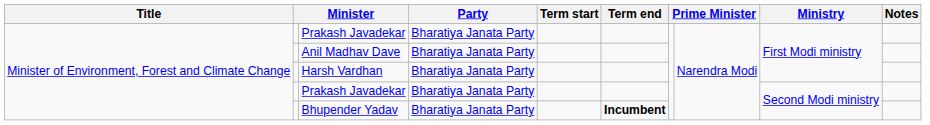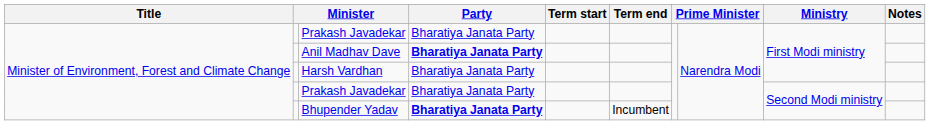 <table class="wikitable sortable">
 <tr>
 <th>Title</th>
 <th colspan=2><a href='#'>Minister</a></th>
 <th><a href='#'>Party</a></th>
 <th>Term start</th>
 <th>Term end</th>
 <th colspan=2><a href='#'>Prime Minister</a></th>
 <th><a href='#'>Ministry</a></th>
 <th class="unsortable">Notes</th>
 </tr>
 <tr>
 <td rowspan=5><a href='#'>Minister of Environment, Forest and Climate Change</a></td>
 <td style="color:inherit;background:"></td>
 <td><a href='#'>Prakash Javadekar</a></td>
 <td><a href='#'>Bharatiya Janata Party</a></td>
 <td></td>
 <td></td>
 <td rowspan=5 bgcolor=></td>
 <td rowspan=5><a href='#'>Narendra Modi</a></td>
 <td rowspan=3><a href='#'>First Modi ministry</a></td>
 <td></td>
 </tr>
 <tr>
 <td style="color:inherit;background:"></td>
 <td><a href='#'>Anil Madhav Dave</a></td>
-<td><a href='#'>Bharatiya Janata Party</a></td>
+<td><strong><a href='#'>Bharatiya Janata Party</a></strong></td>
 <td></td>
 <td></td>
 <td></td>
 </tr>
 <tr>
 <td style="color:inherit;background:"></td>
 <td><a href='#'>Harsh Vardhan</a></td>
 <td><a href='#'>Bharatiya Janata Party</a></td>
 <td></td>
 <td></td>
 <td></td>
 </tr>
 <tr>
 <td style="color:inherit;background:"></td>
 <td><a href='#'>Prakash Javadekar</a></td>
 <td><a href='#'>Bharatiya Janata Party</a></td>
 <td></td>
 <td></td>
 <td rowspan=2><a href='#'>Second Modi ministry</a></td>
 <td></td>
 </tr>
 <tr>
 <td style="color:inherit;background:"></td>
 <td><a href='#'>Bhupender Yadav</a></td>
-<td><a href='#'>Bharatiya Janata Party</a></td>
+<td><strong><a href='#'>Bharatiya Janata Party</a></strong></td>
 <td></td>
-<td><strong>Incumbent</strong></td>
+<td>Incumbent</td>
 <td></td>
 </tr>
 </table>
